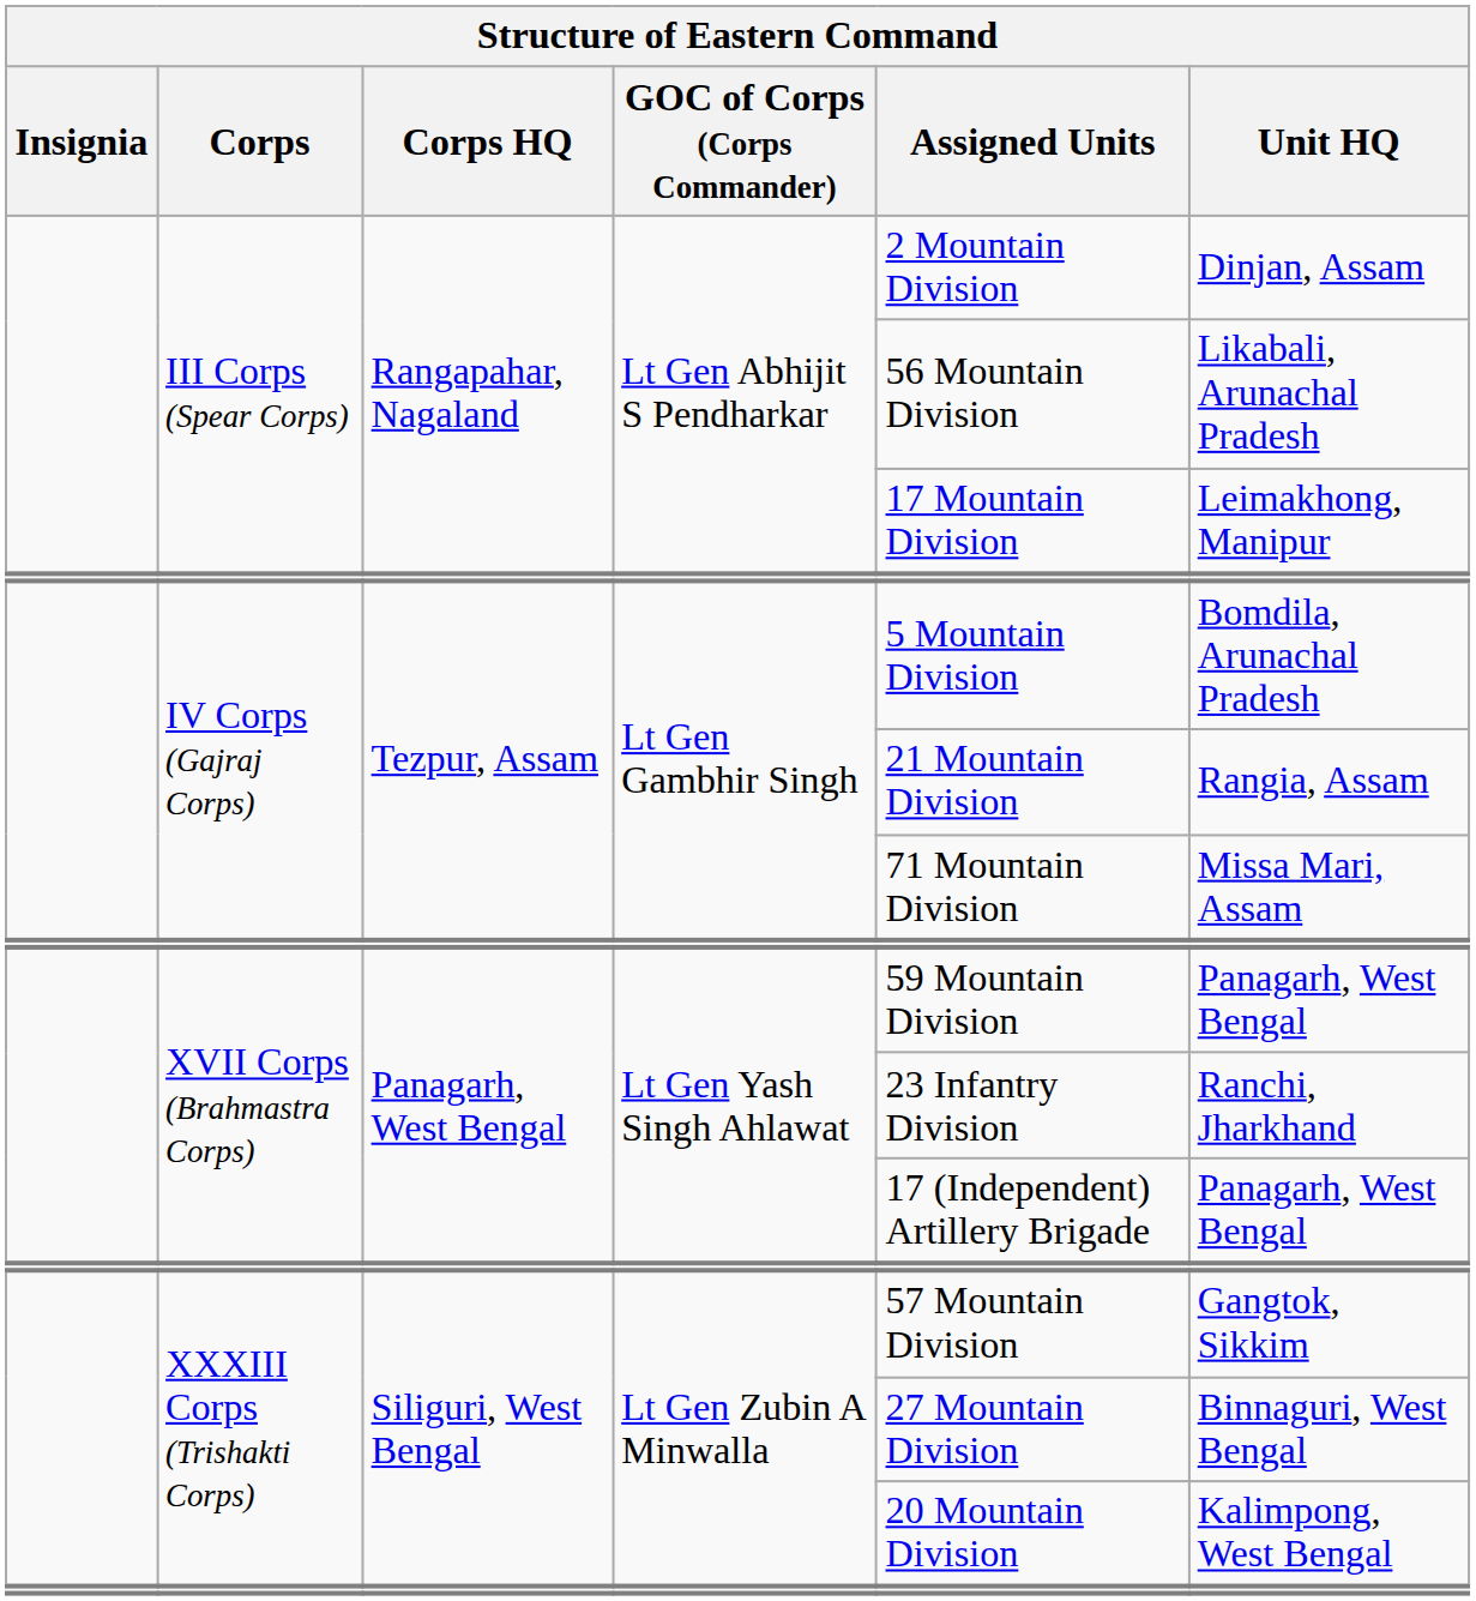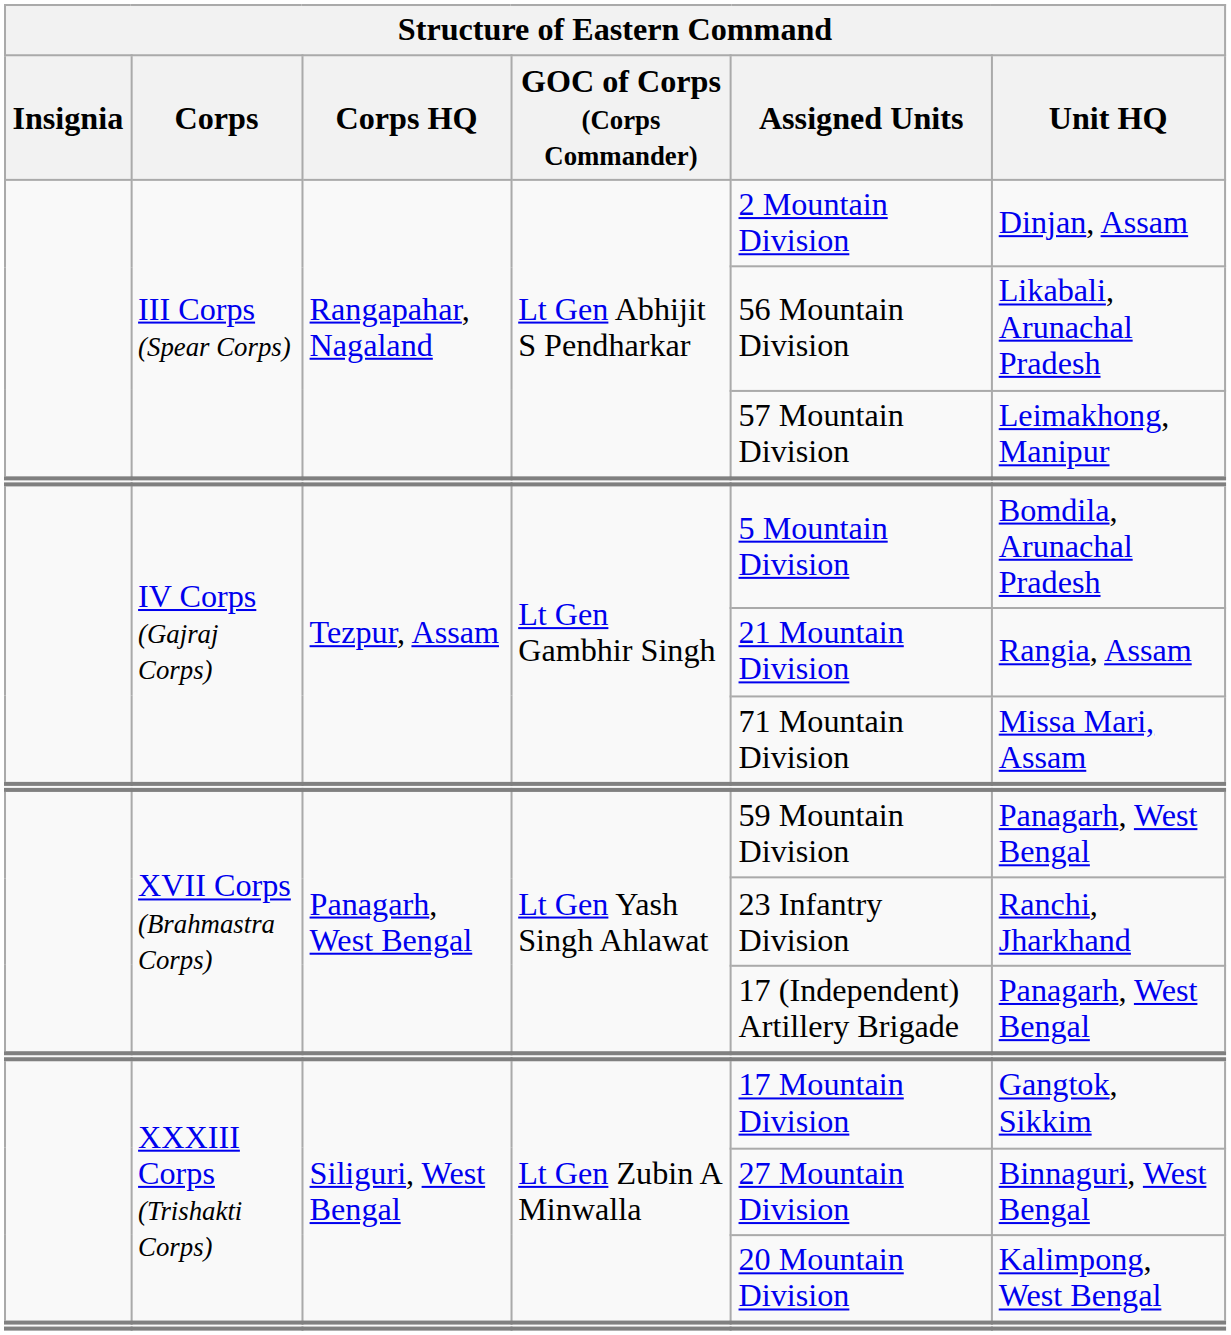 <table class="wikitable">
 <tr>
 <th colspan="6">Structure of Eastern Command</th>
 </tr>
 <tr>
 <th>Insignia</th>
 <th>Corps</th>
 <th>Corps HQ</th>
 <th>GOC of Corps<br><small>(Corps Commander)</small></th>
 <th>Assigned Units</th>
 <th>Unit HQ</th>
 </tr>
 <tr>
 <td rowspan="3"></td>
 <td rowspan="3"><a href='#'>III Corps</a><br><em><small>(Spear Corps)</small></em></td>
 <td rowspan="3"><a href='#'>Rangapahar</a>, <a href='#'>Nagaland</a></td>
 <td rowspan="3"><a href='#'>Lt Gen</a> Abhijit S Pendharkar</td>
 <td><a href='#'>2 Mountain Division</a></td>
 <td><a href='#'>Dinjan</a>, <a href='#'>Assam</a></td>
 </tr>
 <tr>
 <td>56 Mountain Division</td>
 <td><a href='#'>Likabali</a>, <a href='#'>Arunachal Pradesh</a></td>
 </tr>
 <tr style="border-bottom: double 5px grey">
-<td><a href='#'>17 Mountain Division</a></td>
+<td>57 Mountain Division</td>
 <td><a href='#'>Leimakhong</a>, <a href='#'>Manipur</a></td>
 </tr>
 <tr>
 <td rowspan="3"></td>
 <td rowspan="3"><a href='#'>IV Corps</a><br><em><small>(Gajraj Corps)</small></em></td>
 <td rowspan="3"><a href='#'>Tezpur</a>, <a href='#'>Assam</a></td>
 <td rowspan="3"><a href='#'>Lt Gen</a> Gambhir Singh</td>
 <td><a href='#'>5 Mountain Division</a></td>
 <td><a href='#'>Bomdila</a>, <a href='#'>Arunachal Pradesh</a></td>
 </tr>
 <tr>
 <td><a href='#'>21 Mountain Division</a></td>
 <td><a href='#'>Rangia</a>, <a href='#'>Assam</a></td>
 </tr>
 <tr style="border-bottom: double 5px grey">
 <td>71 Mountain Division</td>
 <td><a href='#'>Missa Mari, Assam</a></td>
 </tr>
 <tr>
 <td rowspan="3"></td>
 <td rowspan="3"><a href='#'>XVII Corps</a><br><em><small>(Brahmastra Corps)</small></em></td>
 <td rowspan="3"><a href='#'>Panagarh</a>, <a href='#'>West Bengal</a></td>
 <td rowspan="3"><a href='#'>Lt Gen</a> Yash Singh Ahlawat</td>
 <td>59 Mountain Division</td>
 <td><a href='#'>Panagarh</a>, <a href='#'>West Bengal</a></td>
 </tr>
 <tr>
 <td>23 Infantry Division</td>
 <td><a href='#'>Ranchi</a>, <a href='#'>Jharkhand</a></td>
 </tr>
 <tr style="border-bottom: double 5px grey">
 <td>17 (Independent) Artillery Brigade</td>
 <td><a href='#'>Panagarh</a>, <a href='#'>West Bengal</a></td>
 </tr>
 <tr>
 <td rowspan="3"></td>
 <td rowspan="3"><a href='#'>XXXIII Corps</a><br><em><small>(Trishakti Corps)</small></em></td>
 <td rowspan="3"><a href='#'>Siliguri</a>, <a href='#'>West Bengal</a></td>
 <td rowspan="3"><a href='#'>Lt Gen</a> Zubin A Minwalla</td>
-<td>57 Mountain Division</td>
+<td><a href='#'>17 Mountain Division</a></td>
 <td><a href='#'>Gangtok</a>, <a href='#'>Sikkim</a></td>
 </tr>
 <tr>
 <td><a href='#'>27 Mountain Division</a></td>
 <td><a href='#'>Binnaguri</a>, <a href='#'>West Bengal</a></td>
 </tr>
 <tr style="border-bottom: double 5px grey">
 <td><a href='#'>20 Mountain Division</a></td>
 <td><a href='#'>Kalimpong</a>, <a href='#'>West Bengal</a></td>
 </tr>
 </table>
